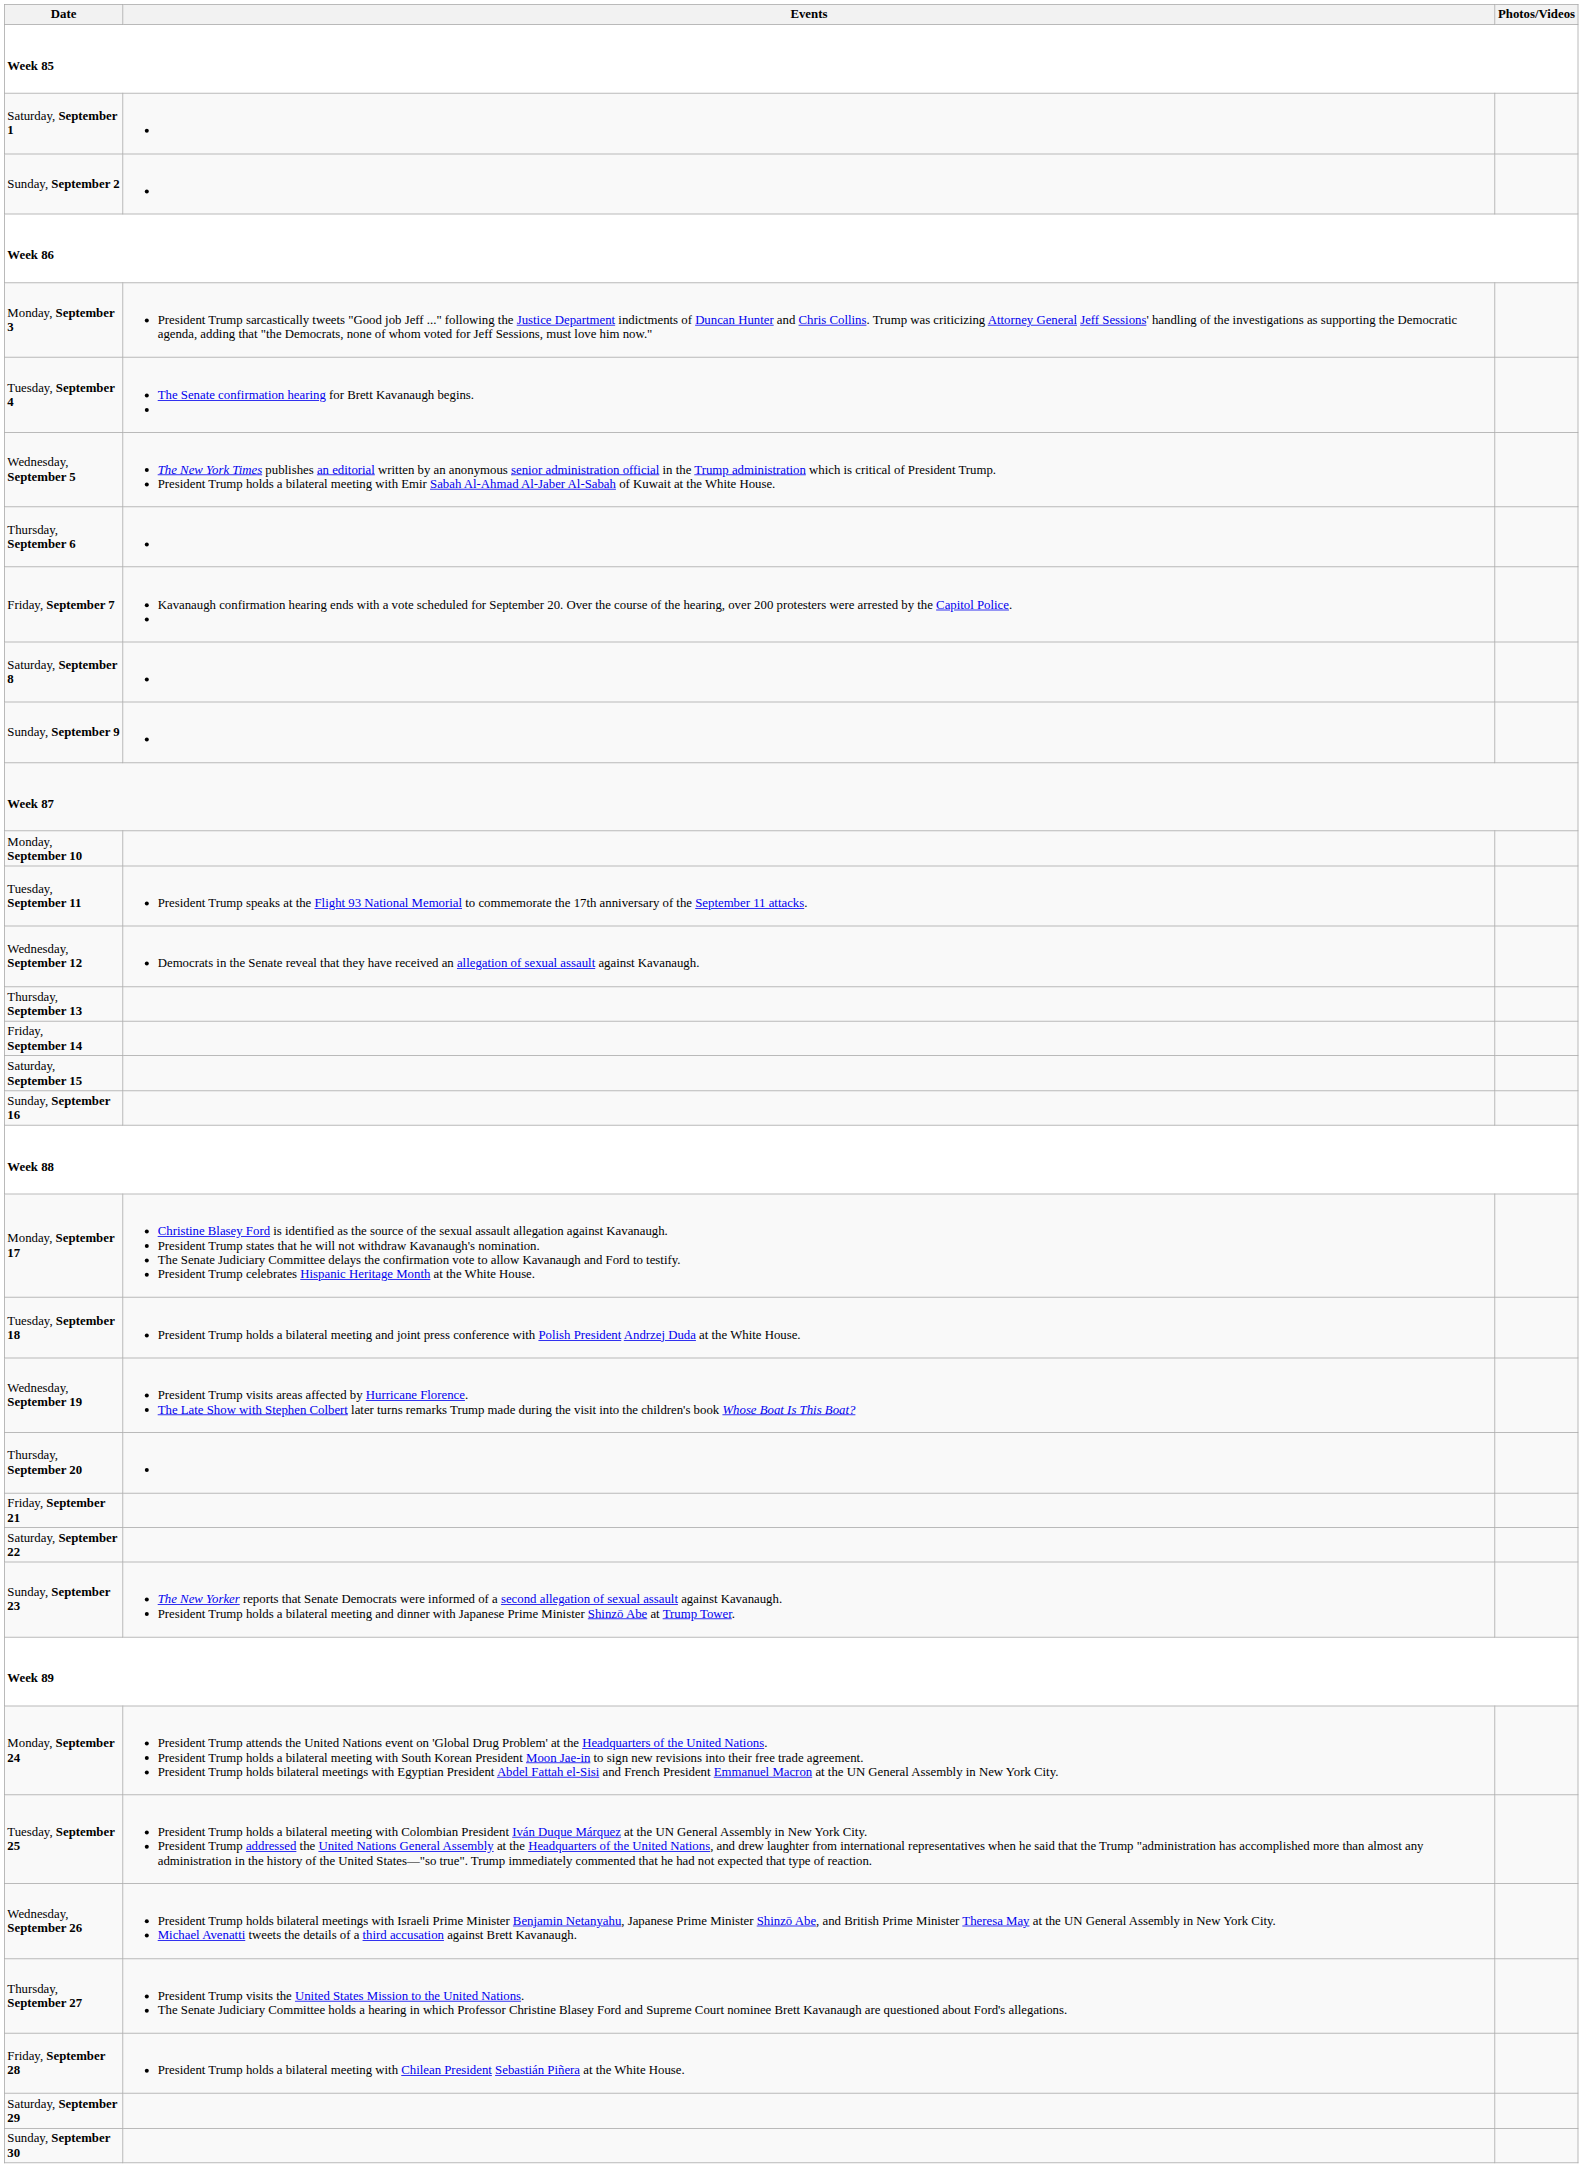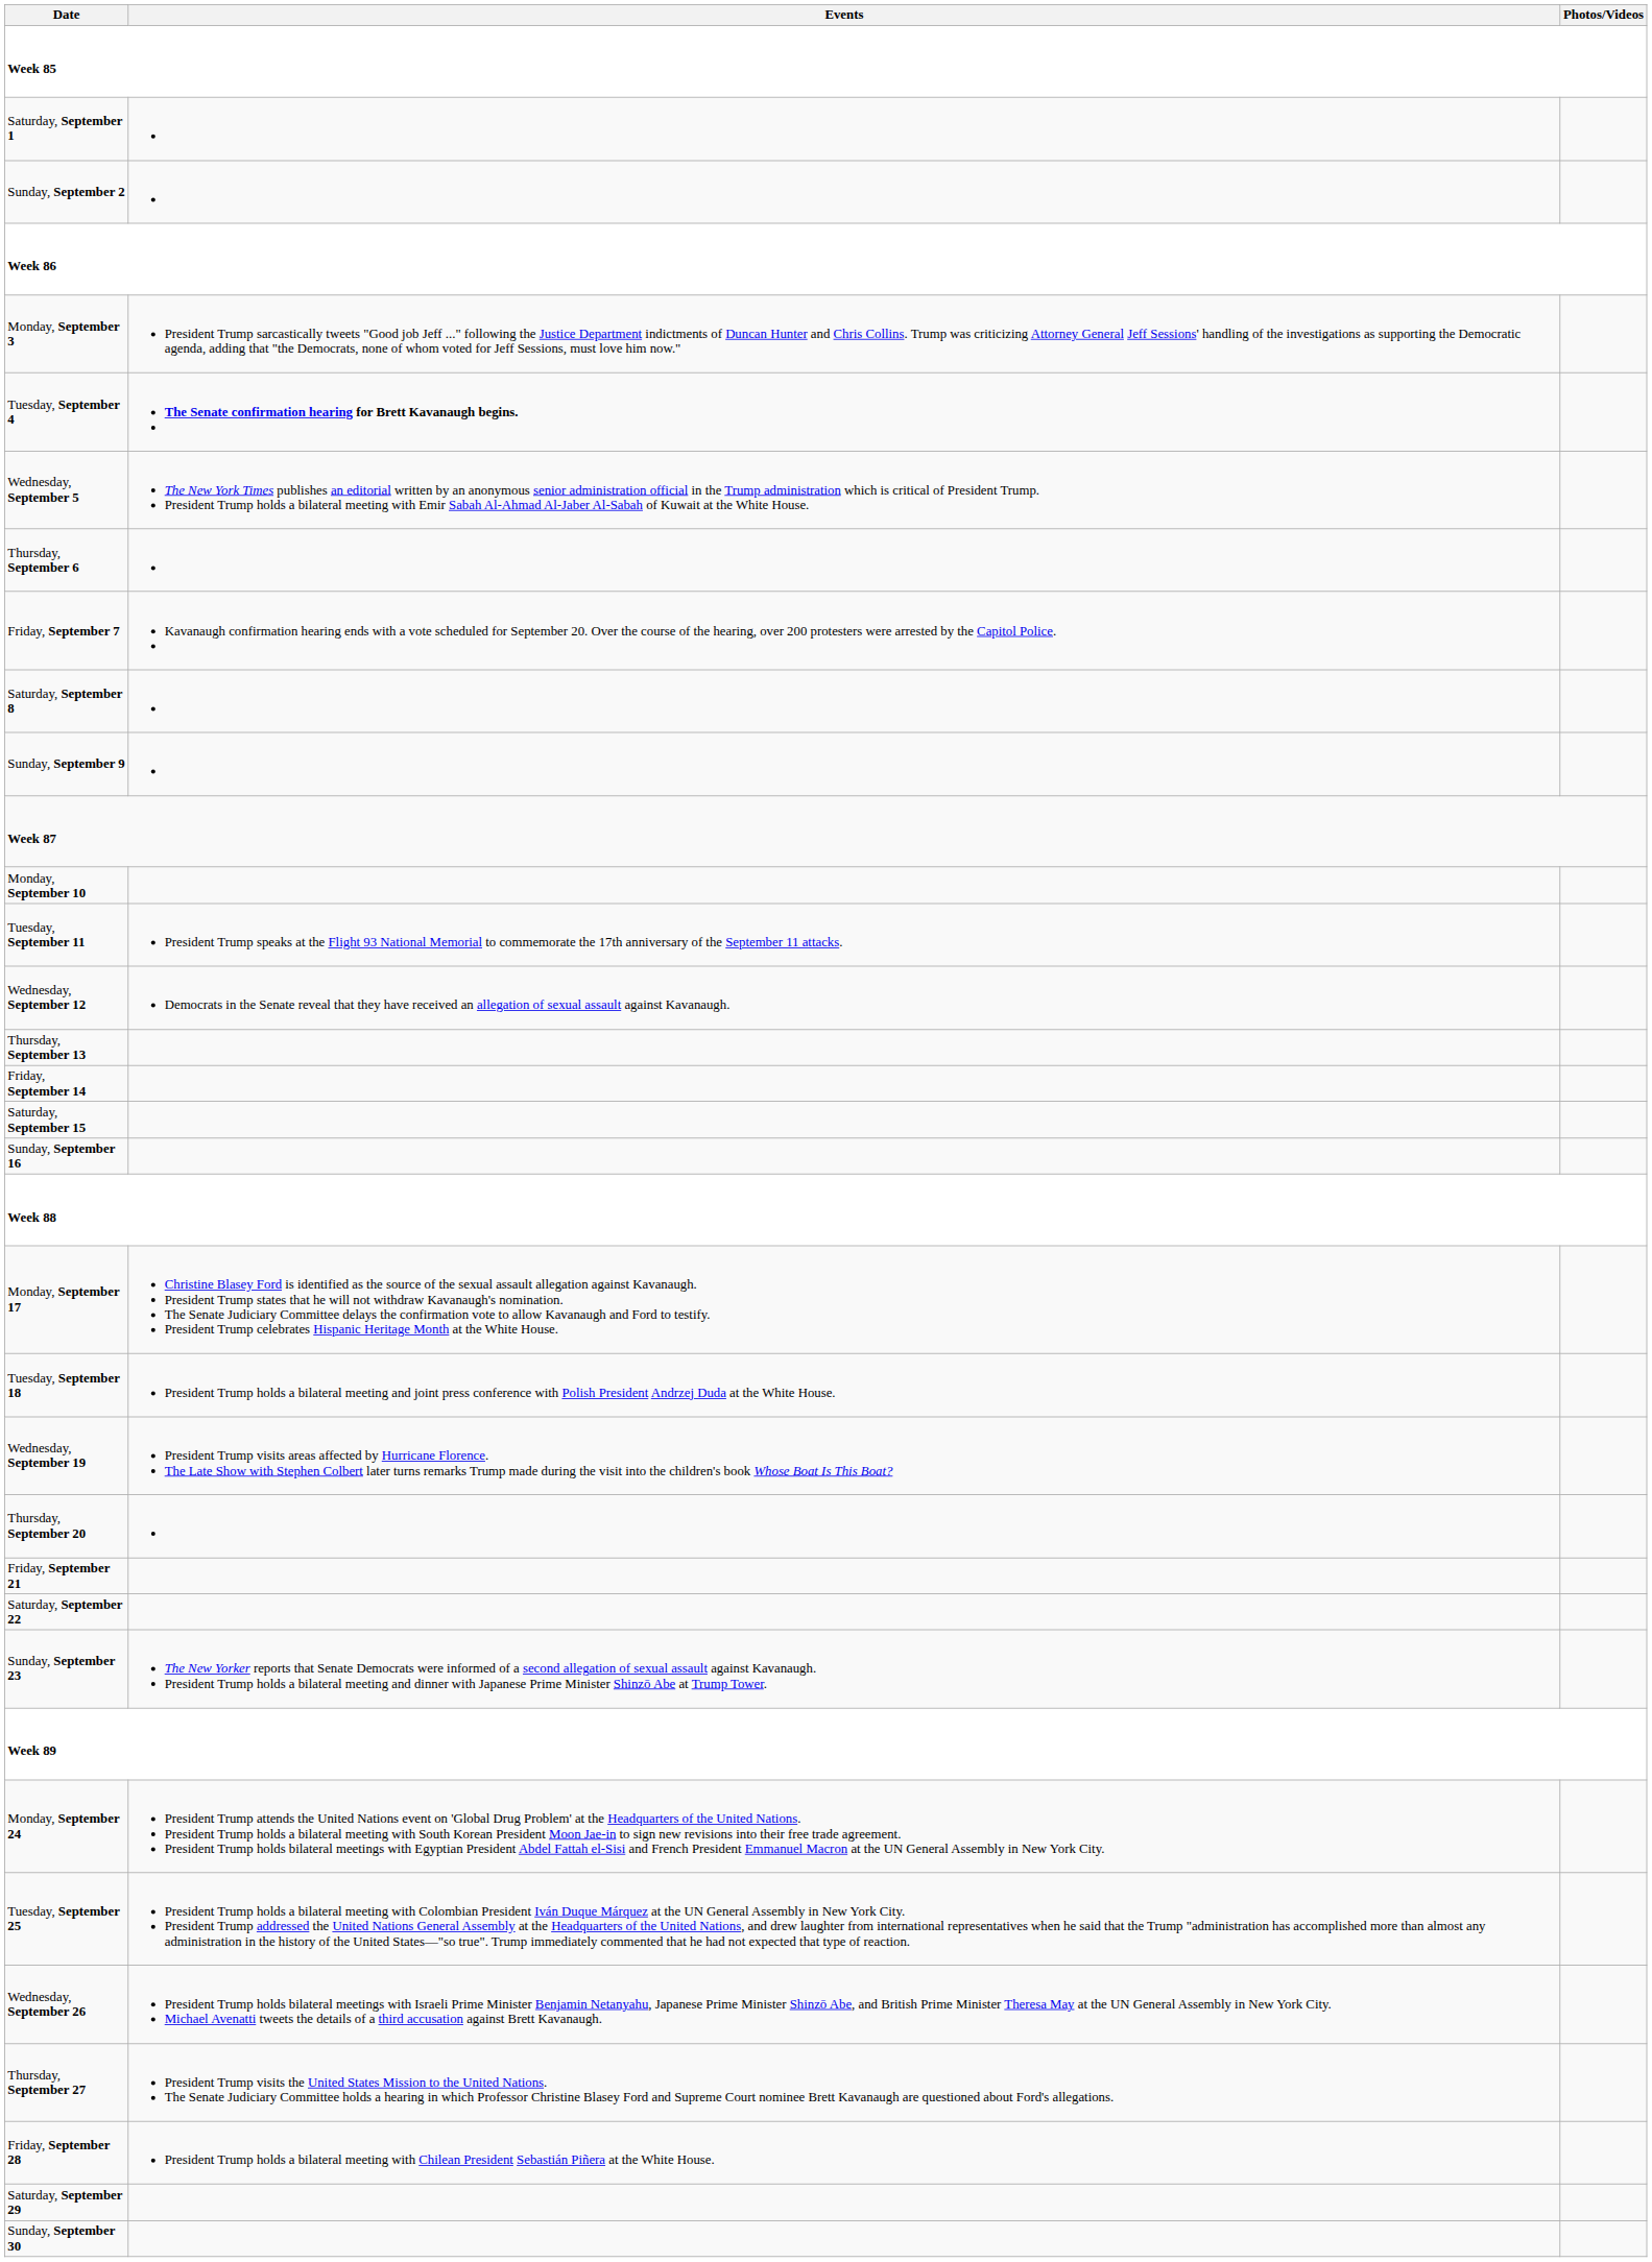 <table class="wikitable">
 <tr>
 <th>Date</th>
 <th>Events</th>
 <th>Photos/Videos</th>
 </tr>
 <tr style="background:white;">
 <td colspan="3"><br><h4>Week 85</h4></td>
 </tr>
 <tr>
 <td>Saturday, <strong>September 1</strong></td>
 <td><br><ul><li></li></ul></td>
 <td></td>
 </tr>
 <tr>
 <td>Sunday, <strong>September 2</strong></td>
 <td><br><ul><li></li></ul></td>
 <td></td>
 </tr>
 <tr style="background:white;">
 <td colspan="3"><br><h4>Week 86</h4></td>
 </tr>
 <tr>
 <td>Monday, <strong>September 3</strong></td>
 <td><br><ul><li>President Trump sarcastically tweets "Good job Jeff ..." following the <a href='#'>Justice Department</a> indictments of <a href='#'>Duncan Hunter</a> and <a href='#'>Chris Collins</a>. Trump was criticizing <a href='#'>Attorney General</a> <a href='#'>Jeff Sessions</a>' handling of the investigations as supporting the Democratic agenda, adding that "the Democrats, none of whom voted for Jeff Sessions, must love him now."</li></ul></td>
 <td></td>
 </tr>
 <tr>
 <td>Tuesday, <strong>September 4</strong></td>
-<td><br><ul><li><a href='#'>The Senate confirmation hearing</a> for Brett Kavanaugh begins.</li><li></li></ul></td>
+<td><strong><br><ul><li><a href='#'>The Senate confirmation hearing</a> for Brett Kavanaugh begins.</li><li></li></ul></strong></td>
 <td></td>
 </tr>
 <tr>
 <td>Wednesday, <strong>September 5</strong></td>
 <td><br><ul><li><em><a href='#'>The New York Times</a></em> publishes <a href='#'>an editorial</a> written by an anonymous <a href='#'>senior administration official</a> in the <a href='#'>Trump administration</a> which is critical of President Trump.</li><li>President Trump holds a bilateral meeting with Emir <a href='#'>Sabah Al-Ahmad Al-Jaber Al-Sabah</a> of Kuwait at the White House.</li></ul></td>
 <td></td>
 </tr>
 <tr>
 <td>Thursday, <strong>September 6</strong></td>
 <td><br><ul><li></li></ul></td>
 <td></td>
 </tr>
 <tr>
 <td>Friday, <strong>September 7</strong></td>
 <td><br><ul><li>Kavanaugh confirmation hearing ends with a vote scheduled for September 20. Over the course of the hearing, over 200 protesters were arrested by the <a href='#'>Capitol Police</a>.</li><li></li></ul></td>
 <td></td>
 </tr>
 <tr>
 <td>Saturday, <strong>September 8</strong></td>
 <td><br><ul><li></li></ul></td>
 <td></td>
 </tr>
 <tr>
 <td>Sunday, <strong>September 9</strong></td>
 <td><br><ul><li></li></ul></td>
 <td></td>
 </tr>
 <tr>
 <td colspan="3"><br><h4>Week 87</h4></td>
 </tr>
 <tr>
 <td>Monday,<br><strong>September 10</strong></td>
 <td></td>
 <td></td>
 </tr>
 <tr>
 <td>Tuesday,<br><strong>September 11</strong></td>
 <td><br><ul><li>President Trump speaks at the <a href='#'>Flight 93 National Memorial</a> to commemorate the 17th anniversary of the <a href='#'>September 11 attacks</a>.</li></ul></td>
 <td></td>
 </tr>
 <tr>
 <td>Wednesday,<br><strong>September 12</strong></td>
 <td><br><ul><li>Democrats in the Senate reveal that they have received an <a href='#'>allegation of sexual assault</a> against Kavanaugh.</li></ul></td>
 <td></td>
 </tr>
 <tr>
 <td>Thursday,<br><strong>September 13</strong></td>
 <td></td>
 <td></td>
 </tr>
 <tr>
 <td>Friday,<br><strong>September 14</strong></td>
 <td></td>
 <td></td>
 </tr>
 <tr>
 <td>Saturday,<br><strong>September 15</strong></td>
 <td></td>
 <td></td>
 </tr>
 <tr>
 <td>Sunday, <strong>September 16</strong></td>
 <td></td>
 <td></td>
 </tr>
 <tr style="background:white;">
 <td colspan="3"><br><h4>Week 88</h4></td>
 </tr>
 <tr>
 <td>Monday, <strong>September 17</strong></td>
 <td><br><ul><li><a href='#'>Christine Blasey Ford</a> is identified as the source of the sexual assault allegation against Kavanaugh.</li><li>President Trump states that he will not withdraw Kavanaugh's nomination.</li><li>The Senate Judiciary Committee delays the confirmation vote to allow Kavanaugh and Ford to testify.</li><li>President Trump celebrates <a href='#'>Hispanic Heritage Month</a> at the White House.</li></ul></td>
 <td></td>
 </tr>
 <tr>
 <td>Tuesday, <strong>September 18</strong></td>
 <td><br><ul><li>President Trump holds a bilateral meeting and joint press conference with <a href='#'>Polish President</a> <a href='#'>Andrzej Duda</a> at the White House.</li></ul></td>
 <td></td>
 </tr>
 <tr>
 <td>Wednesday, <strong>September 19</strong></td>
 <td><br><ul><li>President Trump visits areas affected by <a href='#'>Hurricane Florence</a>.</li><li><a href='#'>The Late Show with Stephen Colbert</a> later turns remarks Trump made during the visit into the children's book <em><a href='#'>Whose Boat Is This Boat?</a></em></li></ul></td>
 <td></td>
 </tr>
 <tr>
 <td>Thursday, <strong>September 20</strong></td>
 <td><br><ul><li></li></ul></td>
 <td></td>
 </tr>
 <tr>
 <td>Friday, <strong>September 21</strong></td>
 <td></td>
 <td></td>
 </tr>
 <tr>
 <td>Saturday, <strong>September 22</strong></td>
 <td></td>
 <td></td>
 </tr>
 <tr>
 <td>Sunday, <strong>September 23</strong></td>
 <td><br><ul><li><em><a href='#'>The New Yorker</a></em> reports that Senate Democrats were informed of a <a href='#'>second allegation of sexual assault</a> against Kavanaugh.</li><li>President Trump holds a bilateral meeting and dinner with Japanese Prime Minister <a href='#'>Shinzō Abe</a> at <a href='#'>Trump Tower</a>.</li></ul></td>
 <td></td>
 </tr>
 <tr style="background:white;">
 <td colspan="3"><br><h4>Week 89</h4></td>
 </tr>
 <tr>
 <td>Monday, <strong>September 24</strong></td>
 <td><br><ul><li>President Trump attends the United Nations event on 'Global Drug Problem' at the <a href='#'>Headquarters of the United Nations</a>.</li><li>President Trump holds a bilateral meeting with South Korean President <a href='#'>Moon Jae-in</a> to sign new revisions into their free trade agreement.</li><li>President Trump holds bilateral meetings with Egyptian President <a href='#'>Abdel Fattah el-Sisi</a> and French President <a href='#'>Emmanuel Macron</a> at the UN General Assembly in New York City.</li></ul></td>
 <td></td>
 </tr>
 <tr>
 <td>Tuesday, <strong>September 25</strong></td>
 <td><br><ul><li>President Trump holds a bilateral meeting with Colombian President <a href='#'>Iván Duque Márquez</a> at the UN General Assembly in New York City.</li><li>President Trump <a href='#'>addressed</a> the <a href='#'>United Nations General Assembly</a> at the <a href='#'>Headquarters of the United Nations</a>, and drew laughter from international representatives when he said that the Trump "administration has accomplished more than almost any administration in the history of the United States—"so true". Trump immediately commented that he had not expected that type of reaction.</li></ul></td>
 <td></td>
 </tr>
 <tr>
 <td>Wednesday, <strong>September 26</strong></td>
 <td><br><ul><li>President Trump holds bilateral meetings with Israeli Prime Minister <a href='#'>Benjamin Netanyahu</a>, Japanese Prime Minister <a href='#'>Shinzō Abe</a>, and British Prime Minister <a href='#'>Theresa May</a> at the UN General Assembly in New York City.</li><li><a href='#'>Michael Avenatti</a> tweets the details of a <a href='#'>third accusation</a> against Brett Kavanaugh.</li></ul></td>
 <td></td>
 </tr>
 <tr>
 <td>Thursday, <strong>September 27</strong></td>
 <td><br><ul><li>President Trump visits the <a href='#'>United States Mission to the United Nations</a>.</li><li>The Senate Judiciary Committee holds a hearing in which Professor Christine Blasey Ford and Supreme Court nominee Brett Kavanaugh are questioned about Ford's allegations.</li></ul></td>
 <td></td>
 </tr>
 <tr>
 <td>Friday, <strong>September 28</strong></td>
 <td><br><ul><li>President Trump holds a bilateral meeting with <a href='#'>Chilean President</a> <a href='#'>Sebastián Piñera</a> at the White House.</li></ul></td>
 <td></td>
 </tr>
 <tr>
 <td>Saturday, <strong>September 29</strong></td>
 <td></td>
 <td></td>
 </tr>
 <tr>
 <td>Sunday, <strong>September 30</strong></td>
 <td></td>
 <td></td>
 </tr>
 </table>
